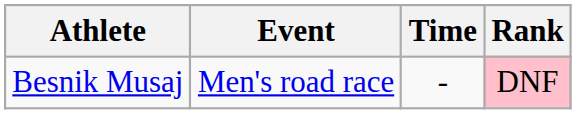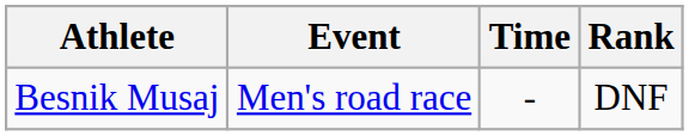 <table class=wikitable style="font-size:90%">
 <tr>
 <th>Athlete</th>
 <th>Event</th>
 <th>Time</th>
 <th>Rank</th>
 </tr>
 <tr align=center>
 <td align=left rowspan=2><a href='#'>Besnik Musaj</a></td>
 <td align=left><a href='#'>Men's road race</a></td>
 <td>-</td>
-<td style="background: pink;">DNF</td>
+<td>DNF</td>
 </tr>
 </table>
